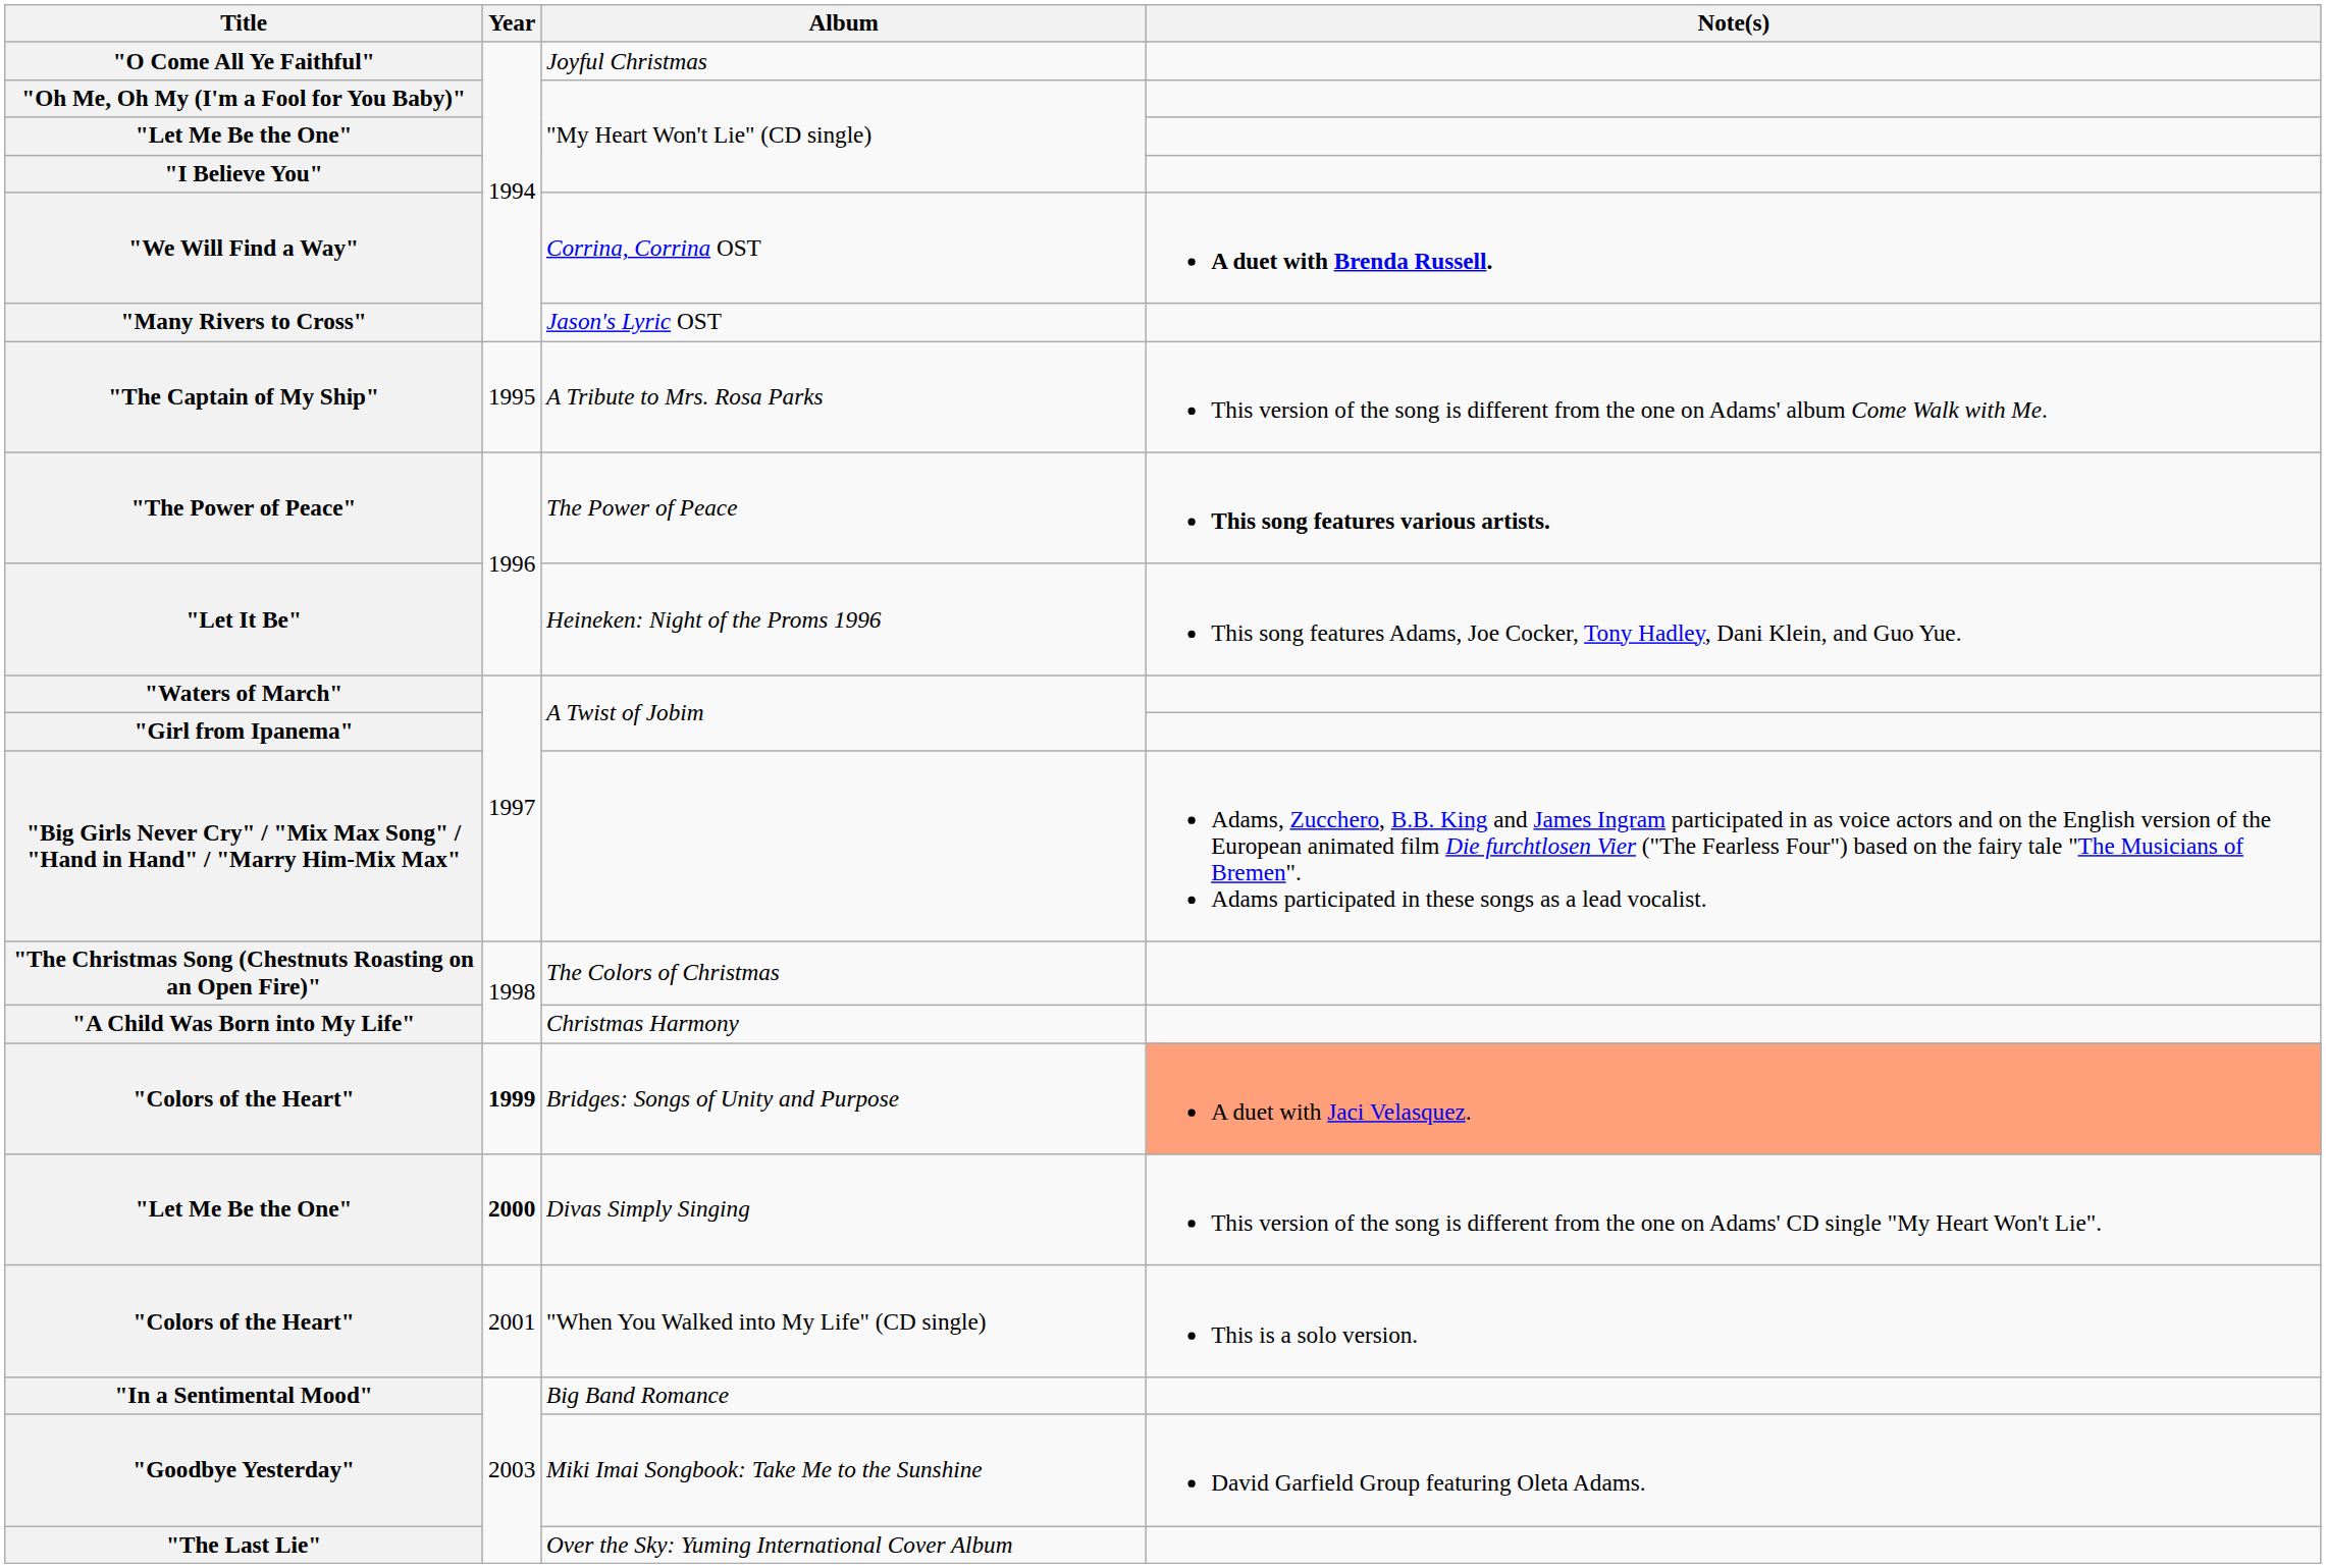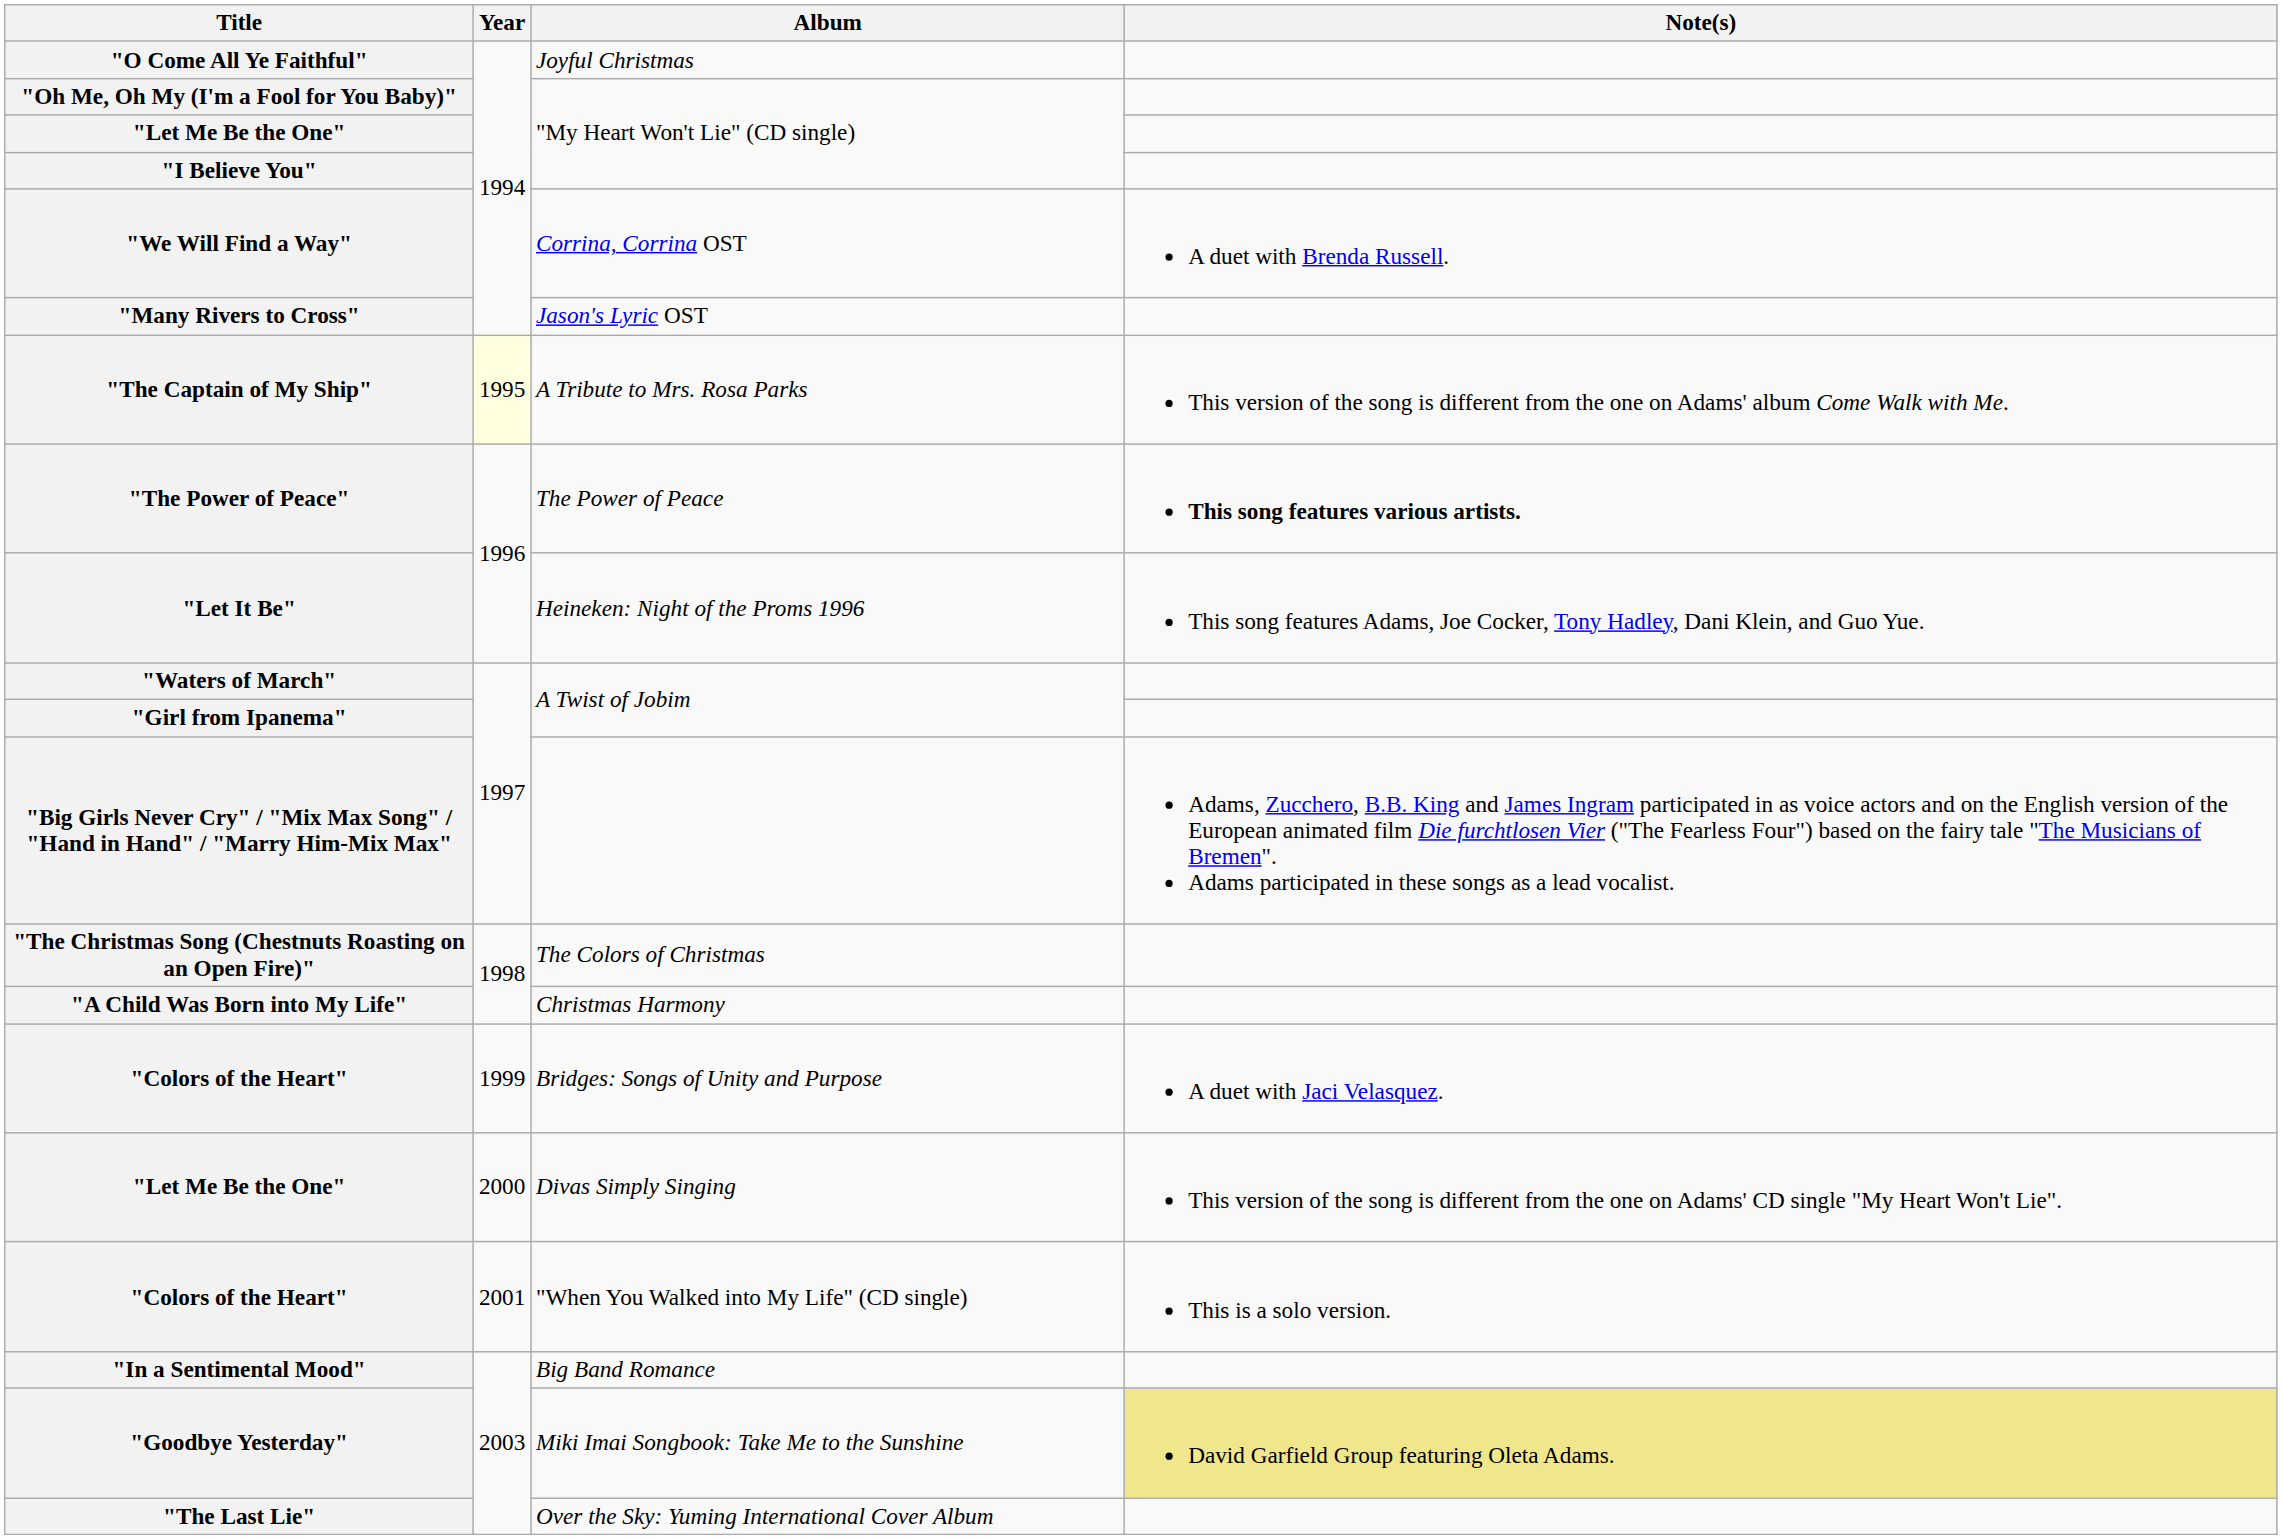 <table class="wikitable plainrowheaders">
 <tr>
 <th scope="col" style="width:27em;">Title</th>
 <th scope="col">Year</th>
 <th scope="col" style="width:35em;">Album</th>
 <th scope="col" style="width:70em;">Note(s)</th>
 </tr>
 <tr>
 <th scope="row">"O Come All Ye Faithful"</th>
 <td rowspan="6" style="text-align:center;">1994</td>
 <td><em>Joyful Christmas</em></td>
 <td></td>
 </tr>
 <tr>
 <th scope="row">"Oh Me, Oh My (I'm a Fool for You Baby)"</th>
 <td rowspan="3">"My Heart Won't Lie" (CD single)</td>
 <td></td>
 </tr>
 <tr>
 <th scope="row">"Let Me Be the One"</th>
 <td></td>
 </tr>
 <tr>
 <th scope="row">"I Believe You"</th>
 <td></td>
 </tr>
 <tr>
 <th scope="row">"We Will Find a Way"</th>
 <td><em><a href='#'>Corrina, Corrina</a></em> OST</td>
-<td><strong><br><ul><li>A duet with <a href='#'>Brenda Russell</a>.</li></ul></strong></td>
+<td><br><ul><li>A duet with <a href='#'>Brenda Russell</a>.</li></ul></td>
 </tr>
 <tr>
 <th scope="row">"Many Rivers to Cross"</th>
 <td><em><a href='#'>Jason's Lyric</a></em> OST</td>
 <td></td>
 </tr>
 <tr>
 <th scope="row">"The Captain of My Ship"</th>
-<td style="text-align:center;">1995</td>
+<td style="background: lightyellow; text-align:center;">1995</td>
 <td><em>A Tribute to Mrs. Rosa Parks</em></td>
 <td><br><ul><li>This version of the song is different from the one on Adams' album <em>Come Walk with Me</em>.</li></ul></td>
 </tr>
 <tr>
 <th scope="row">"The Power of Peace"</th>
 <td rowspan="2" style="text-align:center;">1996</td>
 <td><em>The Power of Peace</em></td>
 <td><strong><br><ul><li>This song features various artists.</li></ul></strong></td>
 </tr>
 <tr>
 <th scope="row">"Let It Be"</th>
 <td><em>Heineken: Night of the Proms 1996</em></td>
 <td><br><ul><li>This song features Adams, Joe Cocker, <a href='#'>Tony Hadley</a>, Dani Klein, and Guo Yue.</li></ul></td>
 </tr>
 <tr>
 <th scope="row">"Waters of March"</th>
 <td rowspan="3" style="text-align:center;">1997</td>
 <td rowspan="2"><em>A Twist of Jobim</em></td>
 <td></td>
 </tr>
 <tr>
 <th scope="row">"Girl from Ipanema"</th>
 <td></td>
 </tr>
 <tr>
 <th scope="row">"Big Girls Never Cry" / "Mix Max Song" / "Hand in Hand" / "Marry Him-Mix Max"</th>
 <td style="text-align:center;"></td>
 <td><br><ul><li>Adams, <a href='#'>Zucchero</a>, <a href='#'>B.B. King</a> and <a href='#'>James Ingram</a> participated in as voice actors and on the English version of the European animated film <em><a href='#'>Die furchtlosen Vier</a></em> ("The Fearless Four") based on the fairy tale "<a href='#'>The Musicians of Bremen</a>".</li><li>Adams participated in these songs as a lead vocalist.</li></ul></td>
 </tr>
 <tr>
 <th scope="row">"The Christmas Song (Chestnuts Roasting on an Open Fire)"</th>
 <td rowspan="2" style="text-align:center;">1998</td>
 <td><em>The Colors of Christmas</em></td>
 <td></td>
 </tr>
 <tr>
 <th scope="row">"A Child Was Born into My Life"</th>
 <td><em>Christmas Harmony</em></td>
 <td></td>
 </tr>
 <tr>
 <th scope="row">"Colors of the Heart"</th>
-<td style="text-align:center;"><strong>1999</strong></td>
+<td style="text-align:center;">1999</td>
 <td><em>Bridges: Songs of Unity and Purpose</em></td>
-<td style="background: lightsalmon;"><br><ul><li>A duet with <a href='#'>Jaci Velasquez</a>.</li></ul></td>
+<td><br><ul><li>A duet with <a href='#'>Jaci Velasquez</a>.</li></ul></td>
 </tr>
 <tr>
 <th scope="row">"Let Me Be the One"</th>
-<td style="text-align:center;"><strong>2000</strong></td>
+<td style="text-align:center;">2000</td>
 <td><em>Divas Simply Singing</em></td>
 <td><br><ul><li>This version of the song is different from the one on Adams' CD single "My Heart Won't Lie".</li></ul></td>
 </tr>
 <tr>
 <th scope="row">"Colors of the Heart"</th>
 <td style="text-align:center;">2001</td>
 <td>"When You Walked into My Life" (CD single)</td>
 <td><br><ul><li>This is a solo version.</li></ul></td>
 </tr>
 <tr>
 <th scope="row">"In a Sentimental Mood"</th>
 <td rowspan="3" style="text-align:center;">2003</td>
 <td><em>Big Band Romance</em></td>
 <td></td>
 </tr>
 <tr>
 <th scope="row">"Goodbye Yesterday"</th>
 <td><em>Miki Imai Songbook: Take Me to the Sunshine</em></td>
-<td><br><ul><li>David Garfield Group featuring Oleta Adams.</li></ul></td>
+<td style="background: khaki;"><br><ul><li>David Garfield Group featuring Oleta Adams.</li></ul></td>
 </tr>
 <tr>
 <th scope="row">"The Last Lie"</th>
 <td><em>Over the Sky: Yuming International Cover Album</em></td>
 <td></td>
 </tr>
 </table>
